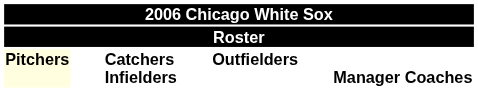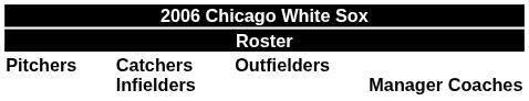 <table class="toccolours" style="font-size: 95%;">
 <tr>
 <th colspan="10" style="background-color: black; color: #FFFFFF; text-align: center;">2006 Chicago White Sox</th>
 </tr>
 <tr>
 <td colspan="10" style="background-color:black; color: white; text-align: center;"><strong>Roster</strong></td>
 </tr>
 <tr>
-<td valign="top" style="background: lightyellow;"><strong>Pitchers</strong><br>                 </td>
+<td valign="top"><strong>Pitchers</strong><br>                 </td>
 <td width="25px"></td>
 <td valign="top"><strong>Catchers</strong><br>    <strong>Infielders</strong>        </td>
 <td width="25px"></td>
 <td valign="top"><strong>Outfielders</strong><br>      </td>
 <td width="25px"></td>
 <td valign="top"><br><strong>Manager</strong>  <strong>Coaches</strong>      </td>
 </tr>
 </table>
